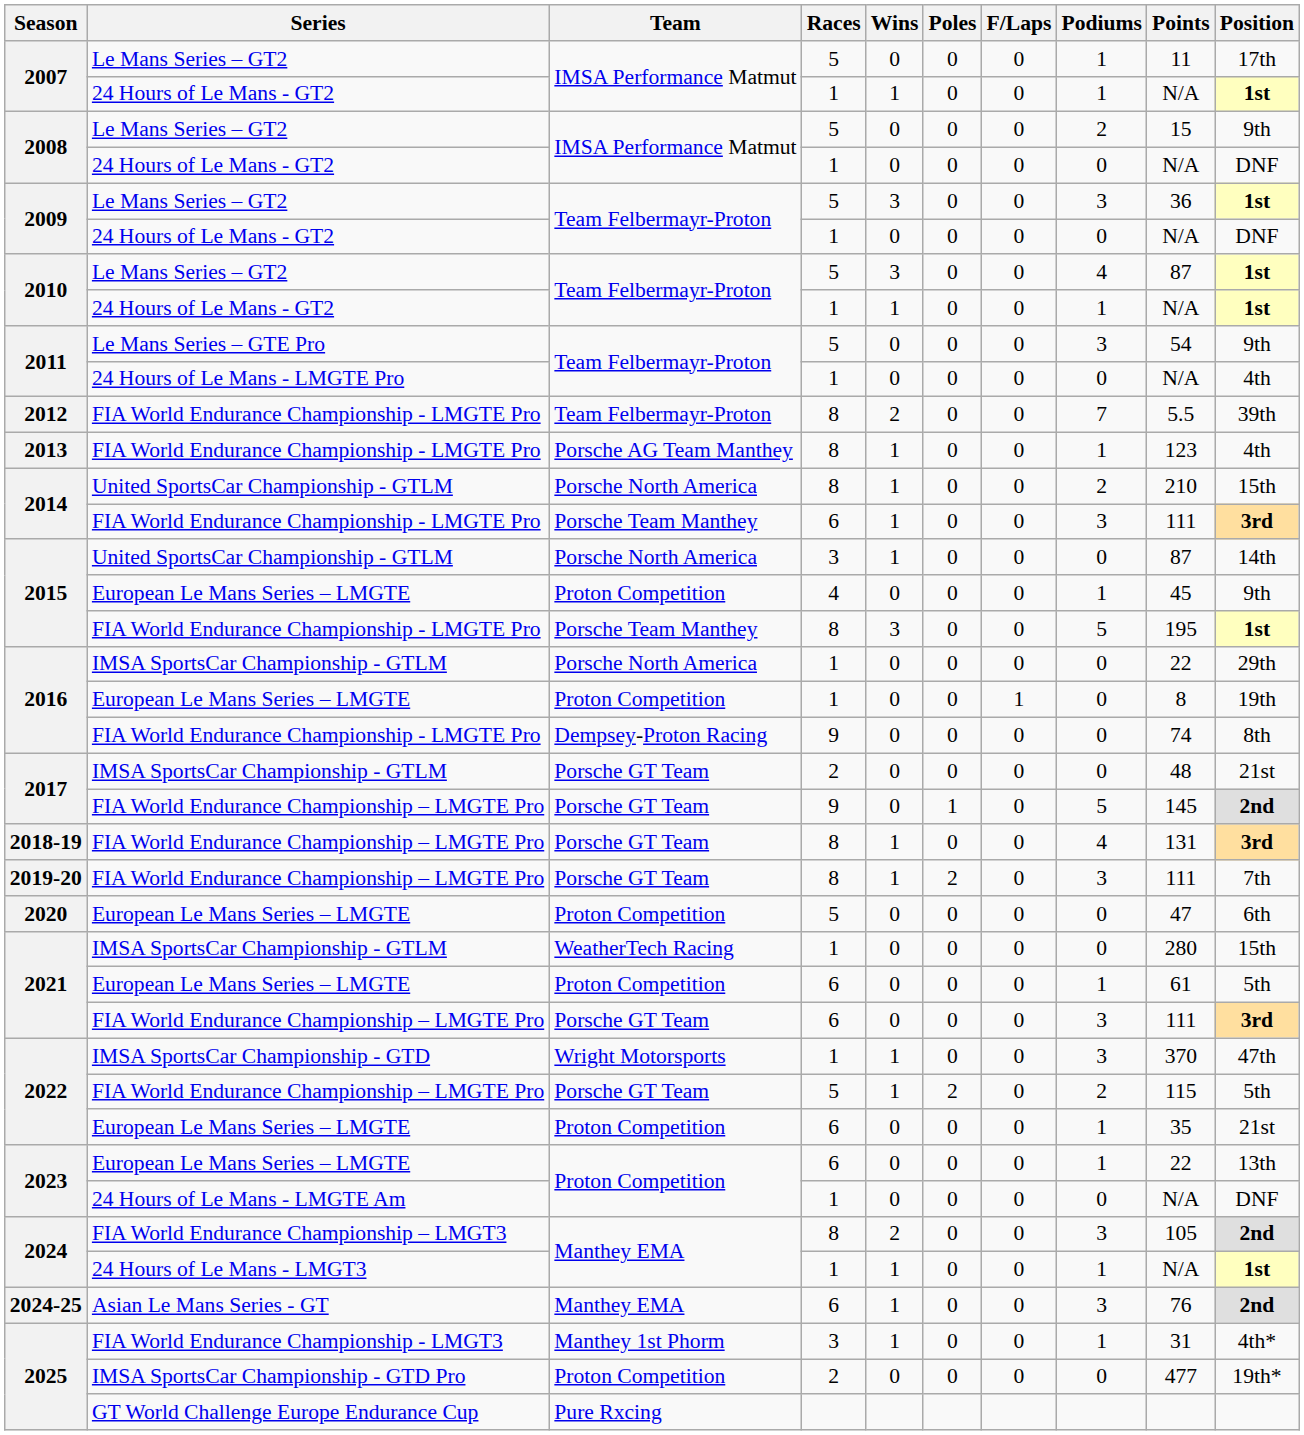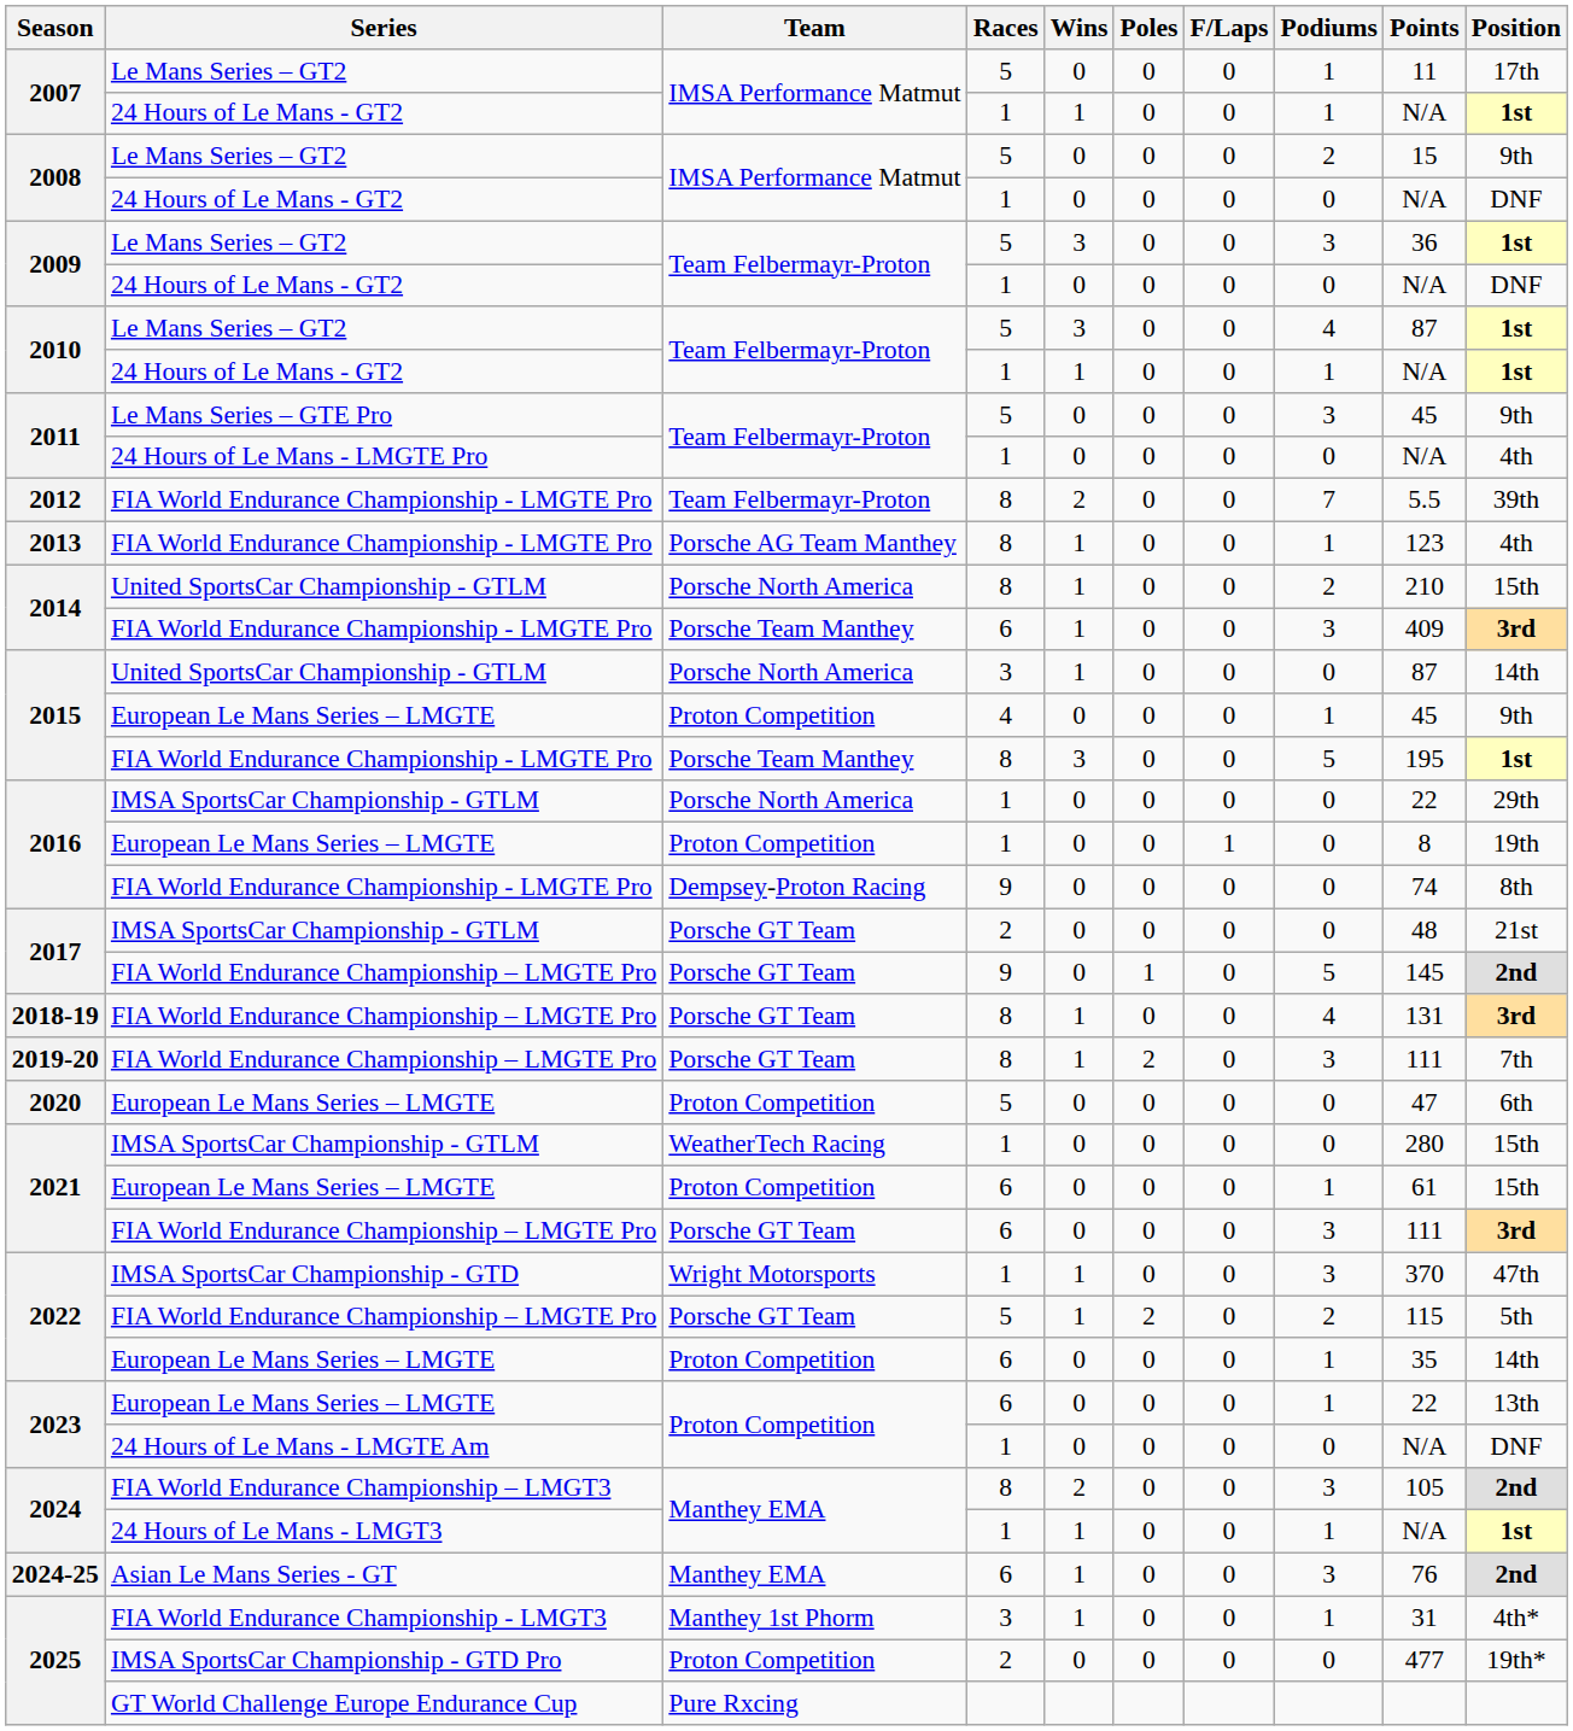 <table class="wikitable" style="font-size: 90%; text-align:center">
 <tr>
 <th>Season</th>
 <th>Series</th>
 <th>Team</th>
 <th>Races</th>
 <th>Wins</th>
 <th>Poles</th>
 <th>F/Laps</th>
 <th>Podiums</th>
 <th>Points</th>
 <th>Position</th>
 </tr>
 <tr>
 <th rowspan="2">2007</th>
 <td align=left><a href='#'>Le Mans Series – GT2</a></td>
 <td rowspan="2" align=left><a href='#'>IMSA Performance</a> Matmut</td>
 <td>5</td>
 <td>0</td>
 <td>0</td>
 <td>0</td>
 <td>1</td>
 <td>11</td>
 <td>17th</td>
 </tr>
 <tr>
 <td align=left><a href='#'>24 Hours of Le Mans - GT2</a></td>
 <td>1</td>
 <td>1</td>
 <td>0</td>
 <td>0</td>
 <td>1</td>
 <td>N/A</td>
 <td style="background:#FFFFBF;”"><strong>1st</strong></td>
 </tr>
 <tr>
 <th rowspan="2">2008</th>
 <td align=left><a href='#'>Le Mans Series – GT2</a></td>
 <td rowspan="2" align=left><a href='#'>IMSA Performance</a> Matmut</td>
 <td>5</td>
 <td>0</td>
 <td>0</td>
 <td>0</td>
 <td>2</td>
 <td>15</td>
 <td>9th</td>
 </tr>
 <tr>
 <td align=left><a href='#'>24 Hours of Le Mans - GT2</a></td>
 <td>1</td>
 <td>0</td>
 <td>0</td>
 <td>0</td>
 <td>0</td>
 <td>N/A</td>
 <td>DNF</td>
 </tr>
 <tr>
 <th rowspan="2">2009</th>
 <td align=left><a href='#'>Le Mans Series – GT2</a></td>
 <td rowspan="2" align=left><a href='#'>Team Felbermayr-Proton</a></td>
 <td>5</td>
 <td>3</td>
 <td>0</td>
 <td>0</td>
 <td>3</td>
 <td>36</td>
 <td style="background:#FFFFBF;”"><strong>1st</strong></td>
 </tr>
 <tr>
 <td align=left><a href='#'>24 Hours of Le Mans - GT2</a></td>
 <td>1</td>
 <td>0</td>
 <td>0</td>
 <td>0</td>
 <td>0</td>
 <td>N/A</td>
 <td>DNF</td>
 </tr>
 <tr>
 <th rowspan="2">2010</th>
 <td align=left><a href='#'>Le Mans Series – GT2</a></td>
 <td rowspan="2" align=left><a href='#'>Team Felbermayr-Proton</a></td>
 <td>5</td>
 <td>3</td>
 <td>0</td>
 <td>0</td>
 <td>4</td>
 <td>87</td>
 <td style="background:#FFFFBF;”"><strong>1st</strong></td>
 </tr>
 <tr>
 <td align=left><a href='#'>24 Hours of Le Mans - GT2</a></td>
 <td>1</td>
 <td>1</td>
 <td>0</td>
 <td>0</td>
 <td>1</td>
 <td>N/A</td>
 <td style="background:#FFFFBF;”"><strong>1st</strong></td>
 </tr>
 <tr>
 <th rowspan="2">2011</th>
 <td align=left><a href='#'>Le Mans Series – GTE Pro</a></td>
 <td rowspan="2" align=left><a href='#'>Team Felbermayr-Proton</a></td>
 <td>5</td>
 <td>0</td>
 <td>0</td>
 <td>0</td>
 <td>3</td>
-<td>54</td>
+<td>45</td>
 <td>9th</td>
 </tr>
 <tr>
 <td align=left><a href='#'>24 Hours of Le Mans - LMGTE Pro</a></td>
 <td>1</td>
 <td>0</td>
 <td>0</td>
 <td>0</td>
 <td>0</td>
 <td>N/A</td>
 <td>4th</td>
 </tr>
 <tr>
 <th>2012</th>
 <td align=left><a href='#'>FIA World Endurance Championship - LMGTE Pro</a></td>
 <td align=left><a href='#'>Team Felbermayr-Proton</a></td>
 <td>8</td>
 <td>2</td>
 <td>0</td>
 <td>0</td>
 <td>7</td>
 <td>5.5</td>
 <td>39th</td>
 </tr>
 <tr>
 <th>2013</th>
 <td align=left><a href='#'>FIA World Endurance Championship - LMGTE Pro</a></td>
 <td align=left><a href='#'>Porsche AG Team Manthey</a></td>
 <td>8</td>
 <td>1</td>
 <td>0</td>
 <td>0</td>
 <td>1</td>
 <td>123</td>
 <td>4th</td>
 </tr>
 <tr>
 <th rowspan="2">2014</th>
 <td align=left><a href='#'>United SportsCar Championship - GTLM</a></td>
 <td align=left><a href='#'>Porsche North America</a></td>
 <td>8</td>
 <td>1</td>
 <td>0</td>
 <td>0</td>
 <td>2</td>
 <td>210</td>
 <td>15th</td>
 </tr>
 <tr>
 <td align=left><a href='#'>FIA World Endurance Championship - LMGTE Pro</a></td>
 <td align=left><a href='#'>Porsche Team Manthey</a></td>
 <td>6</td>
 <td>1</td>
 <td>0</td>
 <td>0</td>
 <td>3</td>
-<td>111</td>
+<td>409</td>
 <td style="background:#FFDF9F;”"><strong>3rd</strong></td>
 </tr>
 <tr>
 <th rowspan="3">2015</th>
 <td align=left><a href='#'>United SportsCar Championship - GTLM</a></td>
 <td align=left><a href='#'>Porsche North America</a></td>
 <td>3</td>
 <td>1</td>
 <td>0</td>
 <td>0</td>
 <td>0</td>
 <td>87</td>
 <td>14th</td>
 </tr>
 <tr>
 <td align=left><a href='#'>European Le Mans Series – LMGTE</a></td>
 <td align=left><a href='#'>Proton Competition</a></td>
 <td>4</td>
 <td>0</td>
 <td>0</td>
 <td>0</td>
 <td>1</td>
 <td>45</td>
 <td>9th</td>
 </tr>
 <tr>
 <td align=left><a href='#'>FIA World Endurance Championship - LMGTE Pro</a></td>
 <td align=left><a href='#'>Porsche Team Manthey</a></td>
 <td>8</td>
 <td>3</td>
 <td>0</td>
 <td>0</td>
 <td>5</td>
 <td>195</td>
 <td style="background:#FFFFBF;”"><strong>1st</strong></td>
 </tr>
 <tr>
 <th rowspan="3">2016</th>
 <td align=left><a href='#'>IMSA SportsCar Championship - GTLM</a></td>
 <td align=left><a href='#'>Porsche North America</a></td>
 <td>1</td>
 <td>0</td>
 <td>0</td>
 <td>0</td>
 <td>0</td>
 <td>22</td>
 <td>29th</td>
 </tr>
 <tr>
 <td align=left><a href='#'>European Le Mans Series – LMGTE</a></td>
 <td align=left><a href='#'>Proton Competition</a></td>
 <td>1</td>
 <td>0</td>
 <td>0</td>
 <td>1</td>
 <td>0</td>
 <td>8</td>
 <td>19th</td>
 </tr>
 <tr>
 <td align=left><a href='#'>FIA World Endurance Championship - LMGTE Pro</a></td>
 <td align=left><a href='#'>Dempsey</a>-<a href='#'>Proton Racing</a></td>
 <td>9</td>
 <td>0</td>
 <td>0</td>
 <td>0</td>
 <td>0</td>
 <td>74</td>
 <td>8th</td>
 </tr>
 <tr>
 <th rowspan="2">2017</th>
 <td align=left><a href='#'>IMSA SportsCar Championship - GTLM</a></td>
 <td align=left><a href='#'>Porsche GT Team</a></td>
 <td>2</td>
 <td>0</td>
 <td>0</td>
 <td>0</td>
 <td>0</td>
 <td>48</td>
 <td>21st</td>
 </tr>
 <tr>
 <td align=left><a href='#'>FIA World Endurance Championship – LMGTE Pro</a></td>
 <td align=left><a href='#'>Porsche GT Team</a></td>
 <td>9</td>
 <td>0</td>
 <td>1</td>
 <td>0</td>
 <td>5</td>
 <td>145</td>
 <td style="background:#DFDFDF;”"><strong>2nd</strong></td>
 </tr>
 <tr>
 <th>2018-19</th>
 <td align=left><a href='#'>FIA World Endurance Championship – LMGTE Pro</a></td>
 <td align=left><a href='#'>Porsche GT Team</a></td>
 <td>8</td>
 <td>1</td>
 <td>0</td>
 <td>0</td>
 <td>4</td>
 <td>131</td>
 <td style="background:#FFDF9F;”"><strong>3rd</strong></td>
 </tr>
 <tr>
 <th>2019-20</th>
 <td align=left><a href='#'>FIA World Endurance Championship – LMGTE Pro</a></td>
 <td align=left><a href='#'>Porsche GT Team</a></td>
 <td>8</td>
 <td>1</td>
 <td>2</td>
 <td>0</td>
 <td>3</td>
 <td>111</td>
 <td>7th</td>
 </tr>
 <tr>
 <th>2020</th>
 <td align=left><a href='#'>European Le Mans Series – LMGTE</a></td>
 <td align=left><a href='#'>Proton Competition</a></td>
 <td>5</td>
 <td>0</td>
 <td>0</td>
 <td>0</td>
 <td>0</td>
 <td>47</td>
 <td>6th</td>
 </tr>
 <tr>
 <th rowspan="3">2021</th>
 <td align=left><a href='#'>IMSA SportsCar Championship - GTLM</a></td>
 <td align=left><a href='#'>WeatherTech Racing</a></td>
 <td>1</td>
 <td>0</td>
 <td>0</td>
 <td>0</td>
 <td>0</td>
 <td>280</td>
 <td>15th</td>
 </tr>
 <tr>
 <td align=left><a href='#'>European Le Mans Series – LMGTE</a></td>
 <td align=left><a href='#'>Proton Competition</a></td>
 <td>6</td>
 <td>0</td>
 <td>0</td>
 <td>0</td>
 <td>1</td>
 <td>61</td>
-<td>5th</td>
+<td>15th</td>
 </tr>
 <tr>
 <td align=left><a href='#'>FIA World Endurance Championship – LMGTE Pro</a></td>
 <td align=left><a href='#'>Porsche GT Team</a></td>
 <td>6</td>
 <td>0</td>
 <td>0</td>
 <td>0</td>
 <td>3</td>
 <td>111</td>
 <td style="background:#FFDF9F;”"><strong>3rd</strong></td>
 </tr>
 <tr>
 <th rowspan="3">2022</th>
 <td align=left><a href='#'>IMSA SportsCar Championship - GTD</a></td>
 <td align=left><a href='#'>Wright Motorsports</a></td>
 <td>1</td>
 <td>1</td>
 <td>0</td>
 <td>0</td>
 <td>3</td>
 <td>370</td>
 <td>47th</td>
 </tr>
 <tr>
 <td align=left><a href='#'>FIA World Endurance Championship – LMGTE Pro</a></td>
 <td align=left><a href='#'>Porsche GT Team</a></td>
 <td>5</td>
 <td>1</td>
 <td>2</td>
 <td>0</td>
 <td>2</td>
 <td>115</td>
 <td>5th</td>
 </tr>
 <tr>
 <td align=left><a href='#'>European Le Mans Series – LMGTE</a></td>
 <td align=left><a href='#'>Proton Competition</a></td>
 <td>6</td>
 <td>0</td>
 <td>0</td>
 <td>0</td>
 <td>1</td>
 <td>35</td>
-<td>21st</td>
+<td>14th</td>
 </tr>
 <tr>
 <th rowspan="2">2023</th>
 <td align=left><a href='#'>European Le Mans Series – LMGTE</a></td>
 <td rowspan="2" align=left><a href='#'>Proton Competition</a></td>
 <td>6</td>
 <td>0</td>
 <td>0</td>
 <td>0</td>
 <td>1</td>
 <td>22</td>
 <td>13th</td>
 </tr>
 <tr>
 <td align=left><a href='#'>24 Hours of Le Mans - LMGTE Am</a></td>
 <td>1</td>
 <td>0</td>
 <td>0</td>
 <td>0</td>
 <td>0</td>
 <td>N/A</td>
 <td>DNF</td>
 </tr>
 <tr>
 <th rowspan="2">2024</th>
 <td align=left><a href='#'>FIA World Endurance Championship – LMGT3</a></td>
 <td rowspan="2" align=left><a href='#'>Manthey EMA</a></td>
 <td>8</td>
 <td>2</td>
 <td>0</td>
 <td>0</td>
 <td>3</td>
 <td>105</td>
 <td style="background:#DFDFDF;"><strong>2nd</strong></td>
 </tr>
 <tr>
 <td align=left><a href='#'>24 Hours of Le Mans - LMGT3</a></td>
 <td>1</td>
 <td>1</td>
 <td>0</td>
 <td>0</td>
 <td>1</td>
 <td>N/A</td>
 <td style="background:#FFFFBF;"><strong>1st</strong></td>
 </tr>
 <tr>
 <th>2024-25</th>
 <td align=left><a href='#'>Asian Le Mans Series - GT</a></td>
 <td align=left><a href='#'>Manthey EMA</a></td>
 <td>6</td>
 <td>1</td>
 <td>0</td>
 <td>0</td>
 <td>3</td>
 <td>76</td>
 <td style="background:#DFDFDF;"><strong>2nd</strong></td>
 </tr>
 <tr>
 <th rowspan="3">2025</th>
 <td align=left><a href='#'>FIA World Endurance Championship - LMGT3</a></td>
 <td align=left><a href='#'>Manthey 1st Phorm</a></td>
 <td>3</td>
 <td>1</td>
 <td>0</td>
 <td>0</td>
 <td>1</td>
 <td>31</td>
 <td>4th*</td>
 </tr>
 <tr>
 <td align=left><a href='#'>IMSA SportsCar Championship - GTD Pro</a></td>
 <td align=left><a href='#'>Proton Competition</a></td>
 <td>2</td>
 <td>0</td>
 <td>0</td>
 <td>0</td>
 <td>0</td>
 <td>477</td>
 <td>19th*</td>
 </tr>
 <tr>
 <td align=left><a href='#'>GT World Challenge Europe Endurance Cup</a></td>
 <td align=left><a href='#'>Pure Rxcing</a></td>
 <td></td>
 <td></td>
 <td></td>
 <td></td>
 <td></td>
 <td></td>
 <td></td>
 </tr>
 </table>
